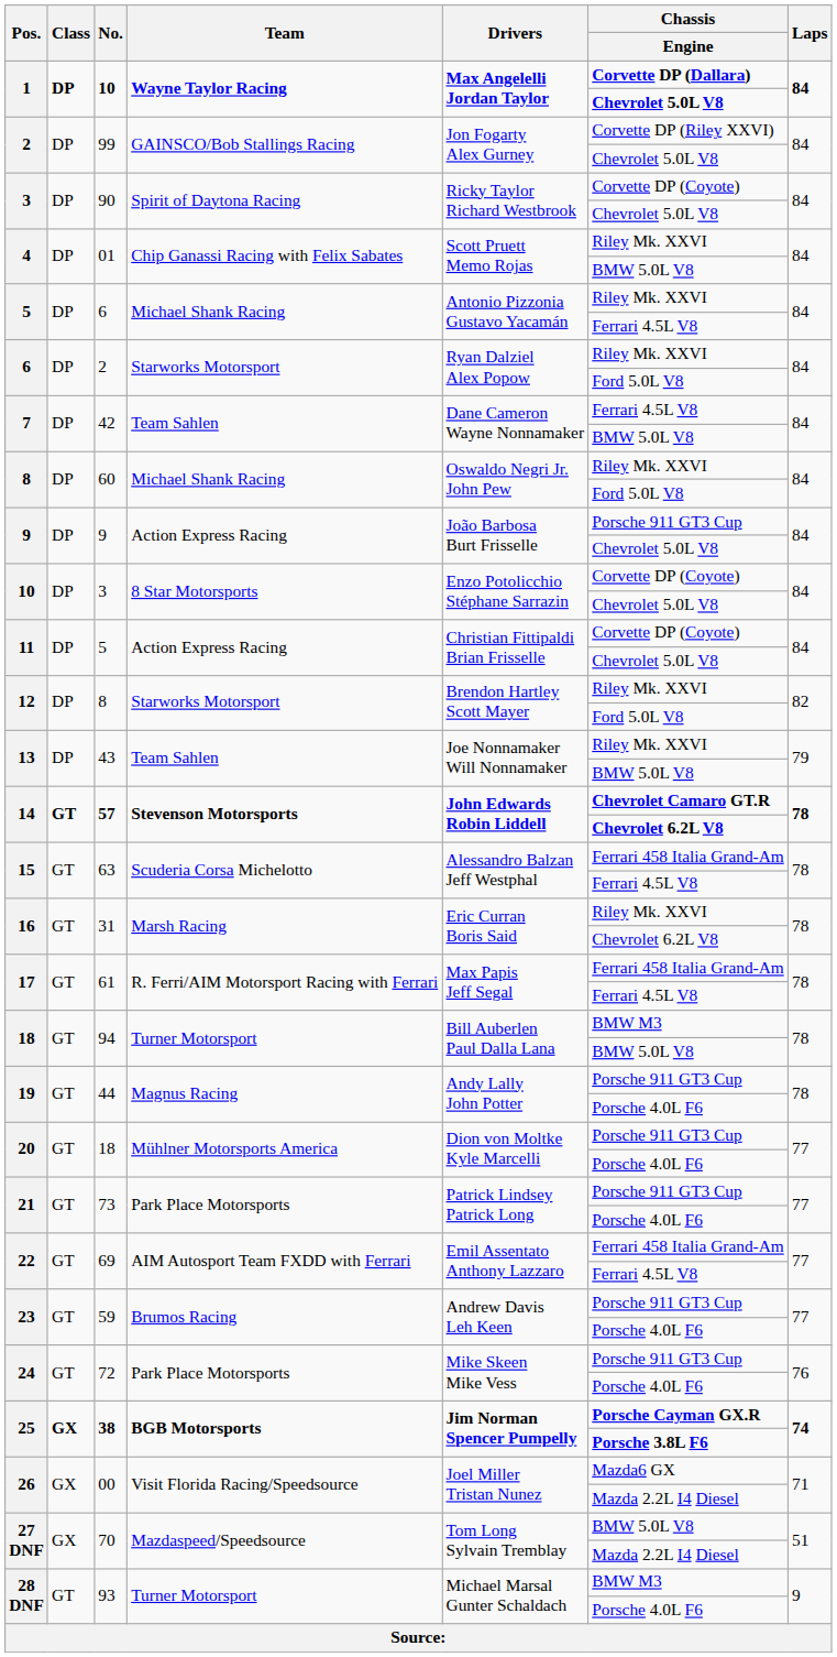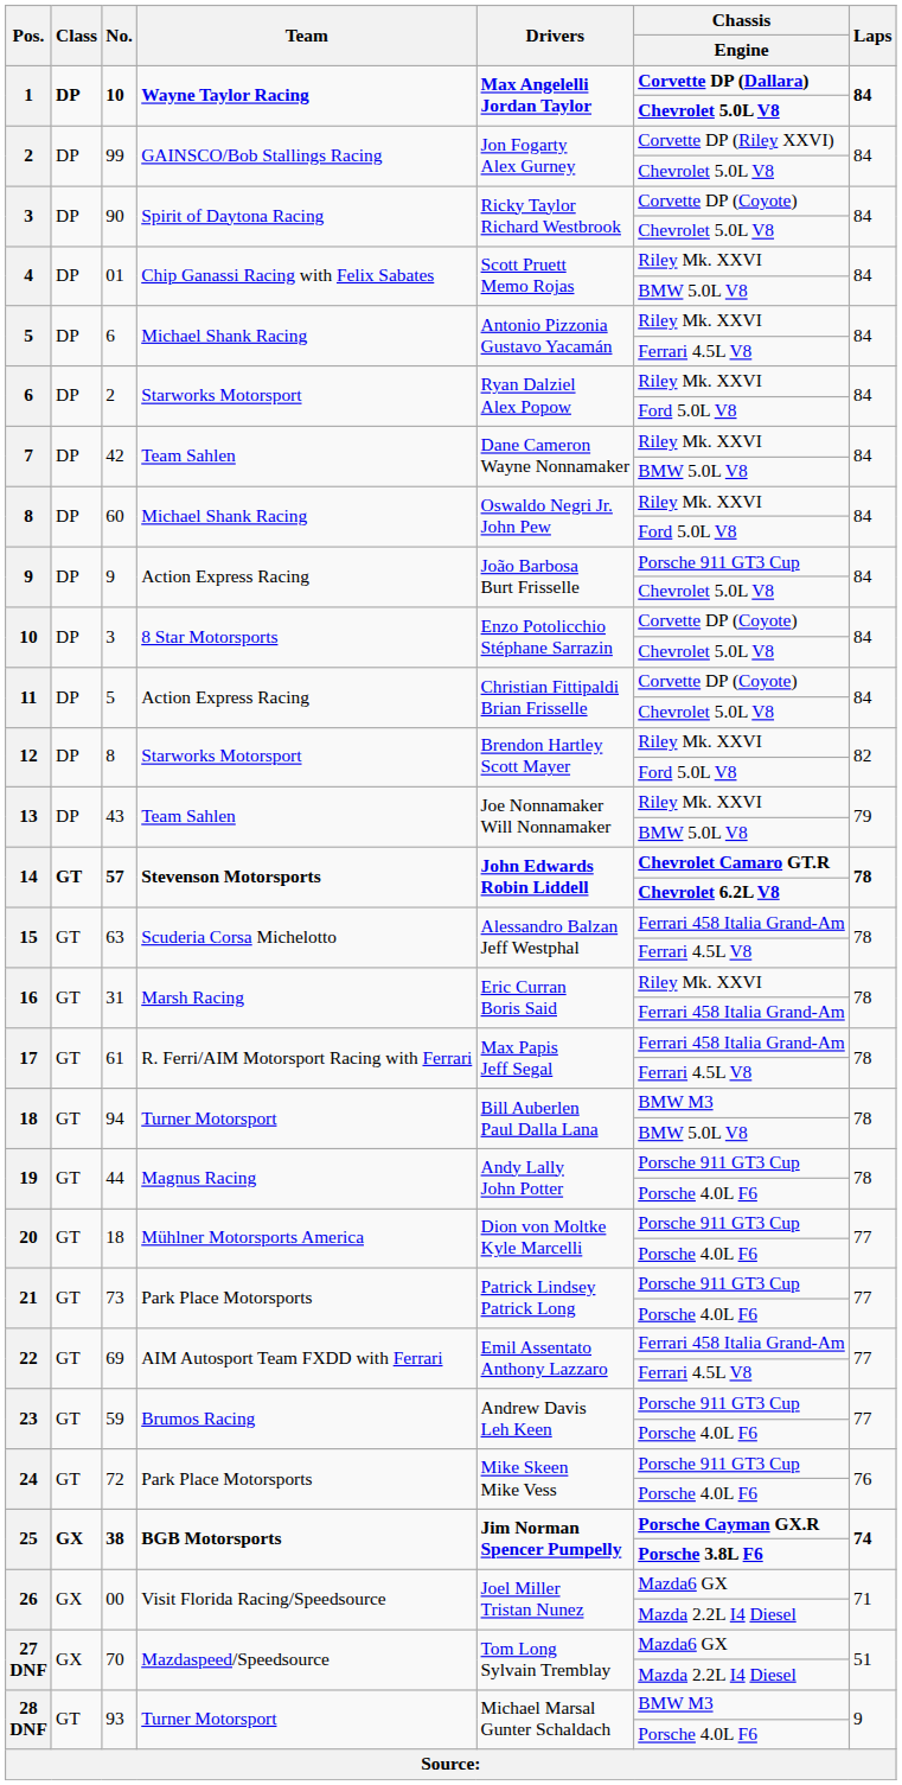 <table class="wikitable" style="font-size: 85%;">
 <tr>
 <th rowspan="2">Pos.</th>
 <th rowspan="2">Class</th>
 <th rowspan="2">No.</th>
 <th rowspan="2">Team</th>
 <th rowspan="2">Drivers</th>
 <th>Chassis</th>
 <th rowspan="2">Laps</th>
 </tr>
 <tr>
 <th>Engine</th>
 </tr>
 <tr>
 <th rowspan="2">1</th>
 <td rowspan="2"><strong>DP</strong></td>
 <td rowspan="2"><strong>10</strong></td>
 <td rowspan="2"><strong> <a href='#'>Wayne Taylor Racing</a></strong></td>
 <td rowspan="2"><strong> <a href='#'>Max Angelelli</a><br> <a href='#'>Jordan Taylor</a></strong></td>
 <td><strong><a href='#'>Corvette</a> DP (<a href='#'>Dallara</a>)</strong></td>
 <td rowspan="2"><strong>84</strong></td>
 </tr>
 <tr>
 <td><strong><a href='#'>Chevrolet</a> 5.0L <a href='#'>V8</a></strong></td>
 </tr>
 <tr>
 <th rowspan="2">2</th>
 <td rowspan="2">DP</td>
 <td rowspan="2">99</td>
 <td rowspan="2"> <a href='#'>GAINSCO/Bob Stallings Racing</a></td>
 <td rowspan="2"> <a href='#'>Jon Fogarty</a><br> <a href='#'>Alex Gurney</a></td>
 <td><a href='#'>Corvette</a> DP (<a href='#'>Riley</a> XXVI)</td>
 <td rowspan="2">84</td>
 </tr>
 <tr>
 <td><a href='#'>Chevrolet</a> 5.0L <a href='#'>V8</a></td>
 </tr>
 <tr>
 <th rowspan="2">3</th>
 <td rowspan="2">DP</td>
 <td rowspan="2">90</td>
 <td rowspan="2"> <a href='#'>Spirit of Daytona Racing</a></td>
 <td rowspan="2"> <a href='#'>Ricky Taylor</a><br> <a href='#'>Richard Westbrook</a></td>
 <td><a href='#'>Corvette</a> DP (<a href='#'>Coyote</a>)</td>
 <td rowspan="2">84</td>
 </tr>
 <tr>
 <td><a href='#'>Chevrolet</a> 5.0L <a href='#'>V8</a></td>
 </tr>
 <tr>
 <th rowspan="2">4</th>
 <td rowspan="2">DP</td>
 <td rowspan="2">01</td>
 <td rowspan="2"> <a href='#'>Chip Ganassi Racing</a> with <a href='#'>Felix Sabates</a></td>
 <td rowspan="2"> <a href='#'>Scott Pruett</a><br> <a href='#'>Memo Rojas</a></td>
 <td><a href='#'>Riley</a> Mk. XXVI</td>
 <td rowspan="2">84</td>
 </tr>
 <tr>
 <td><a href='#'>BMW</a> 5.0L <a href='#'>V8</a></td>
 </tr>
 <tr>
 <th rowspan="2">5</th>
 <td rowspan="2">DP</td>
 <td rowspan="2">6</td>
 <td rowspan="2"> <a href='#'>Michael Shank Racing</a></td>
 <td rowspan="2"> <a href='#'>Antonio Pizzonia</a><br> <a href='#'>Gustavo Yacamán</a></td>
 <td><a href='#'>Riley</a> Mk. XXVI</td>
 <td rowspan="2">84</td>
 </tr>
 <tr>
 <td><a href='#'>Ferrari</a> 4.5L <a href='#'>V8</a></td>
 </tr>
 <tr>
 <th rowspan="2">6</th>
 <td rowspan="2">DP</td>
 <td rowspan="2">2</td>
 <td rowspan="2"> <a href='#'>Starworks Motorsport</a></td>
 <td rowspan="2"> <a href='#'>Ryan Dalziel</a><br> <a href='#'>Alex Popow</a></td>
 <td><a href='#'>Riley</a> Mk. XXVI</td>
 <td rowspan="2">84</td>
 </tr>
 <tr>
 <td><a href='#'>Ford</a> 5.0L <a href='#'>V8</a></td>
 </tr>
 <tr>
 <th rowspan="2">7</th>
 <td rowspan="2">DP</td>
 <td rowspan="2">42</td>
 <td rowspan="2"> <a href='#'>Team Sahlen</a></td>
 <td rowspan="2"> <a href='#'>Dane Cameron</a><br> Wayne Nonnamaker</td>
-<td><a href='#'>Ferrari</a> 4.5L <a href='#'>V8</a></td>
+<td><a href='#'>Riley</a> Mk. XXVI</td>
 <td rowspan="2">84</td>
 </tr>
 <tr>
 <td><a href='#'>BMW</a> 5.0L <a href='#'>V8</a></td>
 </tr>
 <tr>
 <th rowspan="2">8</th>
 <td rowspan="2">DP</td>
 <td rowspan="2">60</td>
 <td rowspan="2"> <a href='#'>Michael Shank Racing</a></td>
 <td rowspan="2"> <a href='#'>Oswaldo Negri Jr.</a><br> <a href='#'>John Pew</a></td>
 <td><a href='#'>Riley</a> Mk. XXVI</td>
 <td rowspan="2">84</td>
 </tr>
 <tr>
 <td><a href='#'>Ford</a> 5.0L <a href='#'>V8</a></td>
 </tr>
 <tr>
 <th rowspan="2">9</th>
 <td rowspan="2">DP</td>
 <td rowspan="2">9</td>
 <td rowspan="2"> Action Express Racing</td>
 <td rowspan="2"> <a href='#'>João Barbosa</a><br> Burt Frisselle</td>
 <td><a href='#'>Porsche 911 GT3 Cup</a></td>
 <td rowspan="2">84</td>
 </tr>
 <tr>
 <td><a href='#'>Chevrolet</a> 5.0L <a href='#'>V8</a></td>
 </tr>
 <tr>
 <th rowspan="2">10</th>
 <td rowspan="2">DP</td>
 <td rowspan="2">3</td>
 <td rowspan="2"> <a href='#'>8 Star Motorsports</a></td>
 <td rowspan="2"> <a href='#'>Enzo Potolicchio</a><br> <a href='#'>Stéphane Sarrazin</a></td>
 <td><a href='#'>Corvette</a> DP (<a href='#'>Coyote</a>)</td>
 <td rowspan="2">84</td>
 </tr>
 <tr>
 <td><a href='#'>Chevrolet</a> 5.0L <a href='#'>V8</a></td>
 </tr>
 <tr>
 <th rowspan="2">11</th>
 <td rowspan="2">DP</td>
 <td rowspan="2">5</td>
 <td rowspan="2"> Action Express Racing</td>
 <td rowspan="2"> <a href='#'>Christian Fittipaldi</a><br> <a href='#'>Brian Frisselle</a></td>
 <td><a href='#'>Corvette</a> DP (<a href='#'>Coyote</a>)</td>
 <td rowspan="2">84</td>
 </tr>
 <tr>
 <td><a href='#'>Chevrolet</a> 5.0L <a href='#'>V8</a></td>
 </tr>
 <tr>
 <th rowspan="2">12</th>
 <td rowspan="2">DP</td>
 <td rowspan="2">8</td>
 <td rowspan="2"> <a href='#'>Starworks Motorsport</a></td>
 <td rowspan="2"> <a href='#'>Brendon Hartley</a><br> <a href='#'>Scott Mayer</a></td>
 <td><a href='#'>Riley</a> Mk. XXVI</td>
 <td rowspan="2">82</td>
 </tr>
 <tr>
 <td><a href='#'>Ford</a> 5.0L <a href='#'>V8</a></td>
 </tr>
 <tr>
 <th rowspan="2">13</th>
 <td rowspan="2">DP</td>
 <td rowspan="2">43</td>
 <td rowspan="2"> <a href='#'>Team Sahlen</a></td>
 <td rowspan="2"> Joe Nonnamaker<br> Will Nonnamaker</td>
 <td><a href='#'>Riley</a> Mk. XXVI</td>
 <td rowspan="2">79</td>
 </tr>
 <tr>
 <td><a href='#'>BMW</a> 5.0L <a href='#'>V8</a></td>
 </tr>
 <tr>
 <th rowspan="2">14</th>
 <td rowspan="2"><strong>GT</strong></td>
 <td rowspan="2"><strong>57</strong></td>
 <td rowspan="2"><strong> Stevenson Motorsports</strong></td>
 <td rowspan="2"><strong> <a href='#'>John Edwards</a><br> <a href='#'>Robin Liddell</a></strong></td>
 <td><strong><a href='#'>Chevrolet Camaro</a> GT.R</strong></td>
 <td rowspan="2"><strong>78</strong></td>
 </tr>
 <tr>
 <td><strong><a href='#'>Chevrolet</a> 6.2L <a href='#'>V8</a></strong></td>
 </tr>
 <tr>
 <th rowspan="2">15</th>
 <td rowspan="2">GT</td>
 <td rowspan="2">63</td>
 <td rowspan="2"> <a href='#'>Scuderia Corsa</a> Michelotto</td>
 <td rowspan="2"> <a href='#'>Alessandro Balzan</a><br> Jeff Westphal</td>
 <td><a href='#'>Ferrari 458 Italia Grand-Am</a></td>
 <td rowspan="2">78</td>
 </tr>
 <tr>
 <td><a href='#'>Ferrari</a> 4.5L <a href='#'>V8</a></td>
 </tr>
 <tr>
 <th rowspan="2">16</th>
 <td rowspan="2">GT</td>
 <td rowspan="2">31</td>
 <td rowspan="2"> <a href='#'>Marsh Racing</a></td>
 <td rowspan="2"> <a href='#'>Eric Curran</a><br> <a href='#'>Boris Said</a></td>
 <td><a href='#'>Riley</a> Mk. XXVI</td>
 <td rowspan="2">78</td>
 </tr>
 <tr>
-<td><a href='#'>Chevrolet</a> 6.2L <a href='#'>V8</a></td>
+<td><a href='#'>Ferrari 458 Italia Grand-Am</a></td>
 </tr>
 <tr>
 <th rowspan="2">17</th>
 <td rowspan="2">GT</td>
 <td rowspan="2">61</td>
 <td rowspan="2"> R. Ferri/AIM Motorsport Racing with <a href='#'>Ferrari</a></td>
 <td rowspan="2"> <a href='#'>Max Papis</a><br> <a href='#'>Jeff Segal</a></td>
 <td><a href='#'>Ferrari 458 Italia Grand-Am</a></td>
 <td rowspan="2">78</td>
 </tr>
 <tr>
 <td><a href='#'>Ferrari</a> 4.5L <a href='#'>V8</a></td>
 </tr>
 <tr>
 <th rowspan="2">18</th>
 <td rowspan="2">GT</td>
 <td rowspan="2">94</td>
 <td rowspan="2"> <a href='#'>Turner Motorsport</a></td>
 <td rowspan="2"> <a href='#'>Bill Auberlen</a><br> <a href='#'>Paul Dalla Lana</a></td>
 <td><a href='#'>BMW M3</a></td>
 <td rowspan="2">78</td>
 </tr>
 <tr>
 <td><a href='#'>BMW</a> 5.0L <a href='#'>V8</a></td>
 </tr>
 <tr>
 <th rowspan="2">19</th>
 <td rowspan="2">GT</td>
 <td rowspan="2">44</td>
 <td rowspan="2"> <a href='#'>Magnus Racing</a></td>
 <td rowspan="2"> <a href='#'>Andy Lally</a><br> <a href='#'>John Potter</a></td>
 <td><a href='#'>Porsche 911 GT3 Cup</a></td>
 <td rowspan="2">78</td>
 </tr>
 <tr>
 <td><a href='#'>Porsche</a> 4.0L <a href='#'>F6</a></td>
 </tr>
 <tr>
 <th rowspan="2">20</th>
 <td rowspan="2">GT</td>
 <td rowspan="2">18</td>
 <td rowspan="2"> <a href='#'>Mühlner Motorsports America</a></td>
 <td rowspan="2"> <a href='#'>Dion von Moltke</a><br> <a href='#'>Kyle Marcelli</a></td>
 <td><a href='#'>Porsche 911 GT3 Cup</a></td>
 <td rowspan="2">77</td>
 </tr>
 <tr>
 <td><a href='#'>Porsche</a> 4.0L <a href='#'>F6</a></td>
 </tr>
 <tr>
 <th rowspan="2">21</th>
 <td rowspan="2">GT</td>
 <td rowspan="2">73</td>
 <td rowspan="2"> Park Place Motorsports</td>
 <td rowspan="2"> <a href='#'>Patrick Lindsey</a><br> <a href='#'>Patrick Long</a></td>
 <td><a href='#'>Porsche 911 GT3 Cup</a></td>
 <td rowspan="2">77</td>
 </tr>
 <tr>
 <td><a href='#'>Porsche</a> 4.0L <a href='#'>F6</a></td>
 </tr>
 <tr>
 <th rowspan="2">22</th>
 <td rowspan="2">GT</td>
 <td rowspan="2">69</td>
 <td rowspan="2"> AIM Autosport Team FXDD with <a href='#'>Ferrari</a></td>
 <td rowspan="2"> <a href='#'>Emil Assentato</a><br> <a href='#'>Anthony Lazzaro</a></td>
 <td><a href='#'>Ferrari 458 Italia Grand-Am</a></td>
 <td rowspan="2">77</td>
 </tr>
 <tr>
 <td><a href='#'>Ferrari</a> 4.5L <a href='#'>V8</a></td>
 </tr>
 <tr>
 <th rowspan="2">23</th>
 <td rowspan="2">GT</td>
 <td rowspan="2">59</td>
 <td rowspan="2"> <a href='#'>Brumos Racing</a></td>
 <td rowspan="2"> Andrew Davis<br> <a href='#'>Leh Keen</a></td>
 <td><a href='#'>Porsche 911 GT3 Cup</a></td>
 <td rowspan="2">77</td>
 </tr>
 <tr>
 <td><a href='#'>Porsche</a> 4.0L <a href='#'>F6</a></td>
 </tr>
 <tr>
 <th rowspan="2">24</th>
 <td rowspan="2">GT</td>
 <td rowspan="2">72</td>
 <td rowspan="2"> Park Place Motorsports</td>
 <td rowspan="2"> <a href='#'>Mike Skeen</a><br> Mike Vess</td>
 <td><a href='#'>Porsche 911 GT3 Cup</a></td>
 <td rowspan="2">76</td>
 </tr>
 <tr>
 <td><a href='#'>Porsche</a> 4.0L <a href='#'>F6</a></td>
 </tr>
 <tr>
 <th rowspan="2">25</th>
 <td rowspan="2"><strong>GX</strong></td>
 <td rowspan="2"><strong>38</strong></td>
 <td rowspan="2"><strong> BGB Motorsports</strong></td>
 <td rowspan="2"><strong> Jim Norman<br> <a href='#'>Spencer Pumpelly</a></strong></td>
 <td><strong><a href='#'>Porsche Cayman</a> GX.R</strong></td>
 <td rowspan="2"><strong>74</strong></td>
 </tr>
 <tr>
 <td><strong><a href='#'>Porsche</a> 3.8L <a href='#'>F6</a></strong></td>
 </tr>
 <tr>
 <th rowspan="2">26</th>
 <td rowspan="2">GX</td>
 <td rowspan="2">00</td>
 <td rowspan="2"> Visit Florida Racing/Speedsource</td>
 <td rowspan="2"> <a href='#'>Joel Miller</a><br> <a href='#'>Tristan Nunez</a></td>
 <td><a href='#'>Mazda6</a> GX</td>
 <td rowspan="2">71</td>
 </tr>
 <tr>
 <td><a href='#'>Mazda</a> 2.2L <a href='#'>I4</a> <a href='#'>Diesel</a></td>
 </tr>
 <tr>
 <th rowspan="2">27<br>DNF</th>
 <td rowspan="2">GX</td>
 <td rowspan="2">70</td>
 <td rowspan="2"> <a href='#'>Mazdaspeed</a>/Speedsource</td>
 <td rowspan="2"> <a href='#'>Tom Long</a><br> Sylvain Tremblay</td>
-<td><a href='#'>BMW</a> 5.0L <a href='#'>V8</a></td>
+<td><a href='#'>Mazda6</a> GX</td>
 <td rowspan="2">51</td>
 </tr>
 <tr>
 <td><a href='#'>Mazda</a> 2.2L <a href='#'>I4</a> <a href='#'>Diesel</a></td>
 </tr>
 <tr>
 <th rowspan="2">28<br>DNF</th>
 <td rowspan="2">GT</td>
 <td rowspan="2">93</td>
 <td rowspan="2"> <a href='#'>Turner Motorsport</a></td>
 <td rowspan="2"> Michael Marsal<br> Gunter Schaldach</td>
 <td><a href='#'>BMW M3</a></td>
 <td rowspan="2">9</td>
 </tr>
 <tr>
 <td><a href='#'>Porsche</a> 4.0L <a href='#'>F6</a></td>
 </tr>
 <tr>
 <th colspan="7">Source:</th>
 </tr>
 </table>
